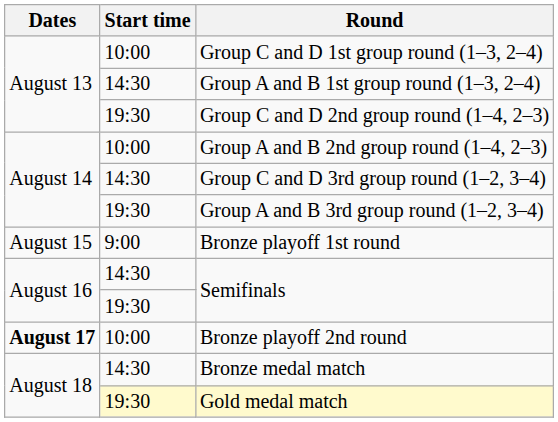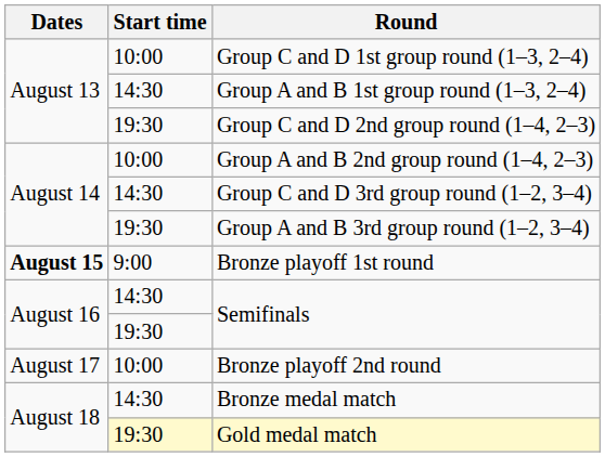 <table class="wikitable">
 <tr>
 <th>Dates</th>
 <th>Start time</th>
 <th>Round</th>
 </tr>
 <tr>
 <td rowspan=3>August 13</td>
 <td>10:00</td>
 <td>Group C and D 1st group round (1–3, 2–4)</td>
 </tr>
 <tr>
 <td>14:30</td>
 <td>Group A and B 1st group round (1–3, 2–4)</td>
 </tr>
 <tr>
 <td>19:30</td>
 <td>Group C and D 2nd group round (1–4, 2–3)</td>
 </tr>
 <tr>
 <td rowspan=3>August 14</td>
 <td>10:00</td>
 <td>Group A and B 2nd group round (1–4, 2–3)</td>
 </tr>
 <tr>
 <td>14:30</td>
 <td>Group C and D 3rd group round (1–2, 3–4)</td>
 </tr>
 <tr>
 <td>19:30</td>
 <td>Group A and B 3rd group round (1–2, 3–4)</td>
 </tr>
 <tr>
-<td>August 15</td>
+<td><strong>August 15</strong></td>
 <td>9:00</td>
 <td>Bronze playoff 1st round</td>
 </tr>
 <tr>
 <td rowspan=2>August 16</td>
 <td>14:30</td>
 <td rowspan=2>Semifinals</td>
 </tr>
 <tr>
 <td>19:30</td>
 </tr>
 <tr>
-<td><strong>August 17</strong></td>
+<td>August 17</td>
 <td>10:00</td>
 <td>Bronze playoff 2nd round</td>
 </tr>
 <tr>
 <td rowspan=2>August 18</td>
 <td>14:30</td>
 <td>Bronze medal match</td>
 </tr>
 <tr style=background:lemonchiffon>
 <td>19:30</td>
 <td>Gold medal match</td>
 </tr>
 </table>
